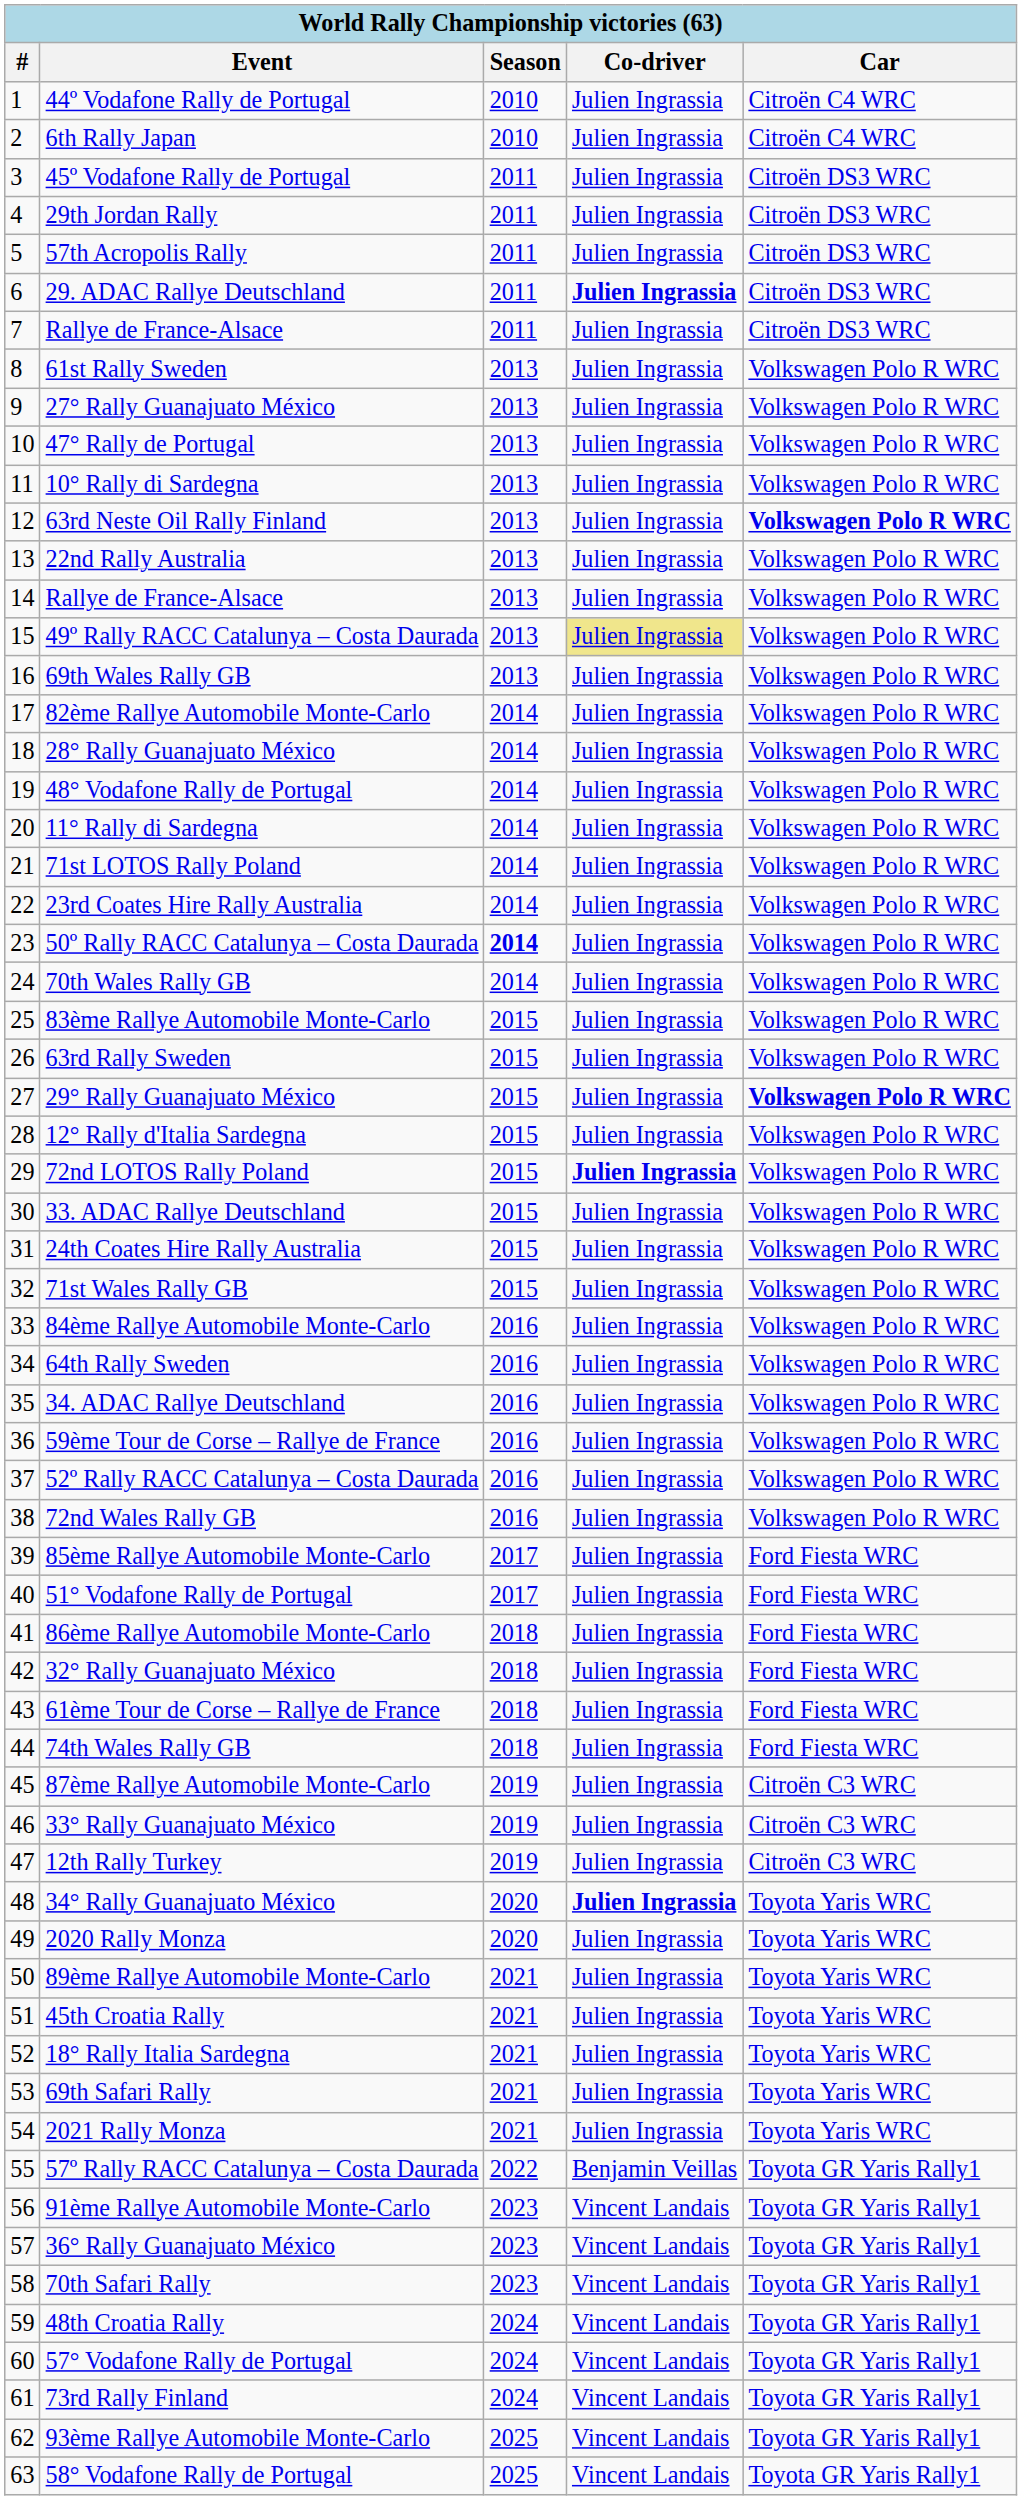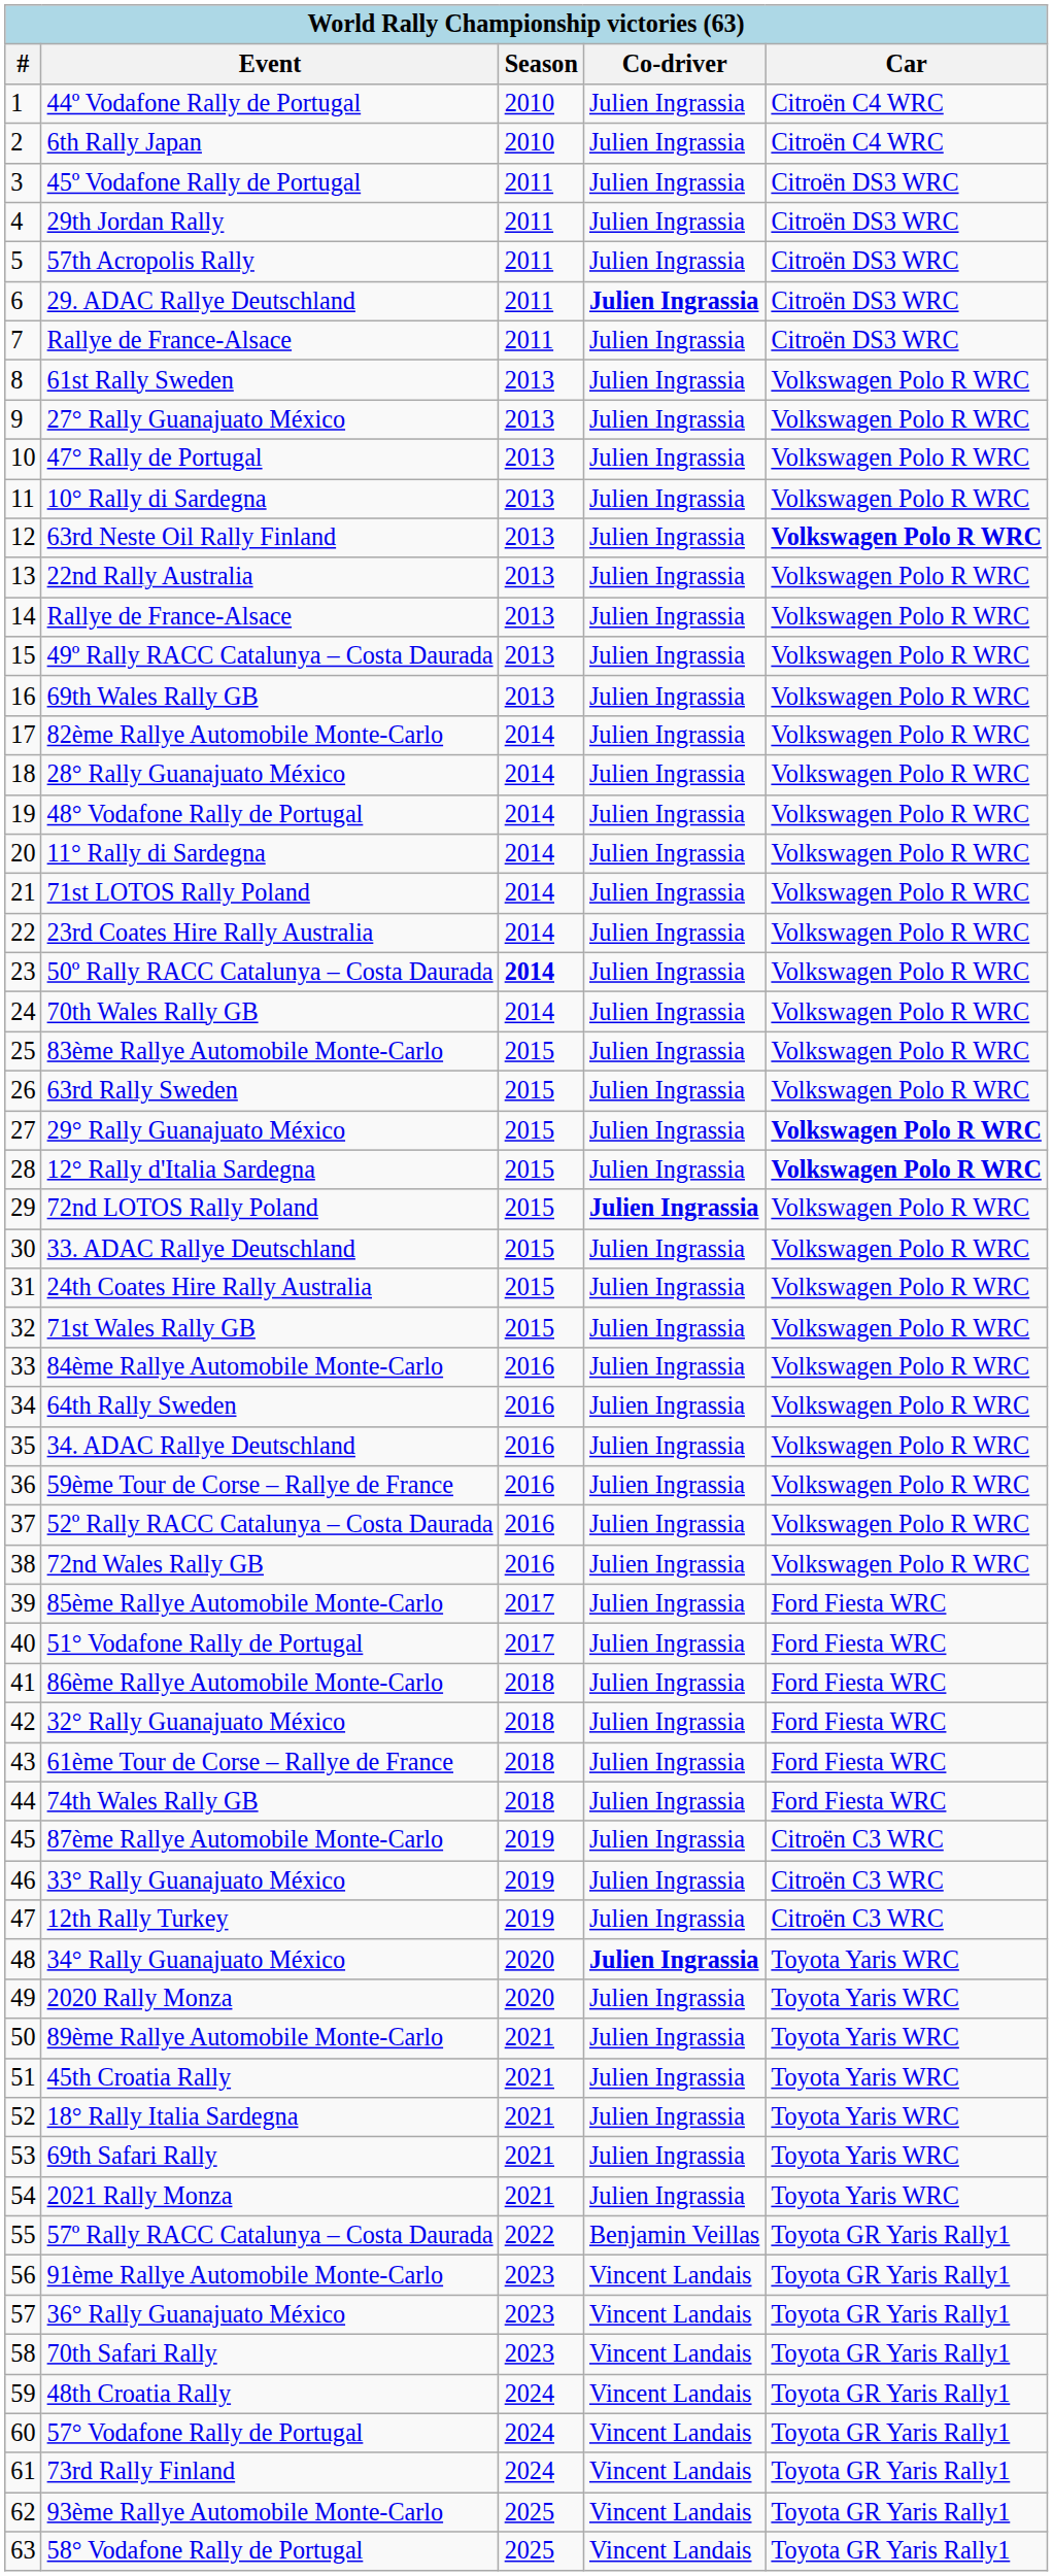 <table class="wikitable collapsible collapsed">
 <tr>
 <th Style = "background:lightblue" align="center" colspan="5">World Rally Championship victories (63)</th>
 </tr>
 <tr>
 <th> # </th>
 <th>Event</th>
 <th>Season</th>
 <th>Co-driver</th>
 <th>Car</th>
 </tr>
 <tr>
 <td>1</td>
 <td> <a href='#'>44º Vodafone Rally de Portugal</a></td>
 <td><a href='#'>2010</a></td>
 <td> <a href='#'>Julien Ingrassia</a></td>
 <td><a href='#'>Citroën C4 WRC</a></td>
 </tr>
 <tr>
 <td>2</td>
 <td> <a href='#'>6th Rally Japan</a></td>
 <td><a href='#'>2010</a></td>
 <td> <a href='#'>Julien Ingrassia</a></td>
 <td><a href='#'>Citroën C4 WRC</a></td>
 </tr>
 <tr>
 <td>3</td>
 <td> <a href='#'>45º Vodafone Rally de Portugal</a></td>
 <td><a href='#'>2011</a></td>
 <td> <a href='#'>Julien Ingrassia</a></td>
 <td><a href='#'>Citroën DS3 WRC</a></td>
 </tr>
 <tr>
 <td>4</td>
 <td> <a href='#'>29th Jordan Rally</a></td>
 <td><a href='#'>2011</a></td>
 <td> <a href='#'>Julien Ingrassia</a></td>
 <td><a href='#'>Citroën DS3 WRC</a></td>
 </tr>
 <tr>
 <td>5</td>
 <td> <a href='#'>57th Acropolis Rally</a></td>
 <td><a href='#'>2011</a></td>
 <td> <a href='#'>Julien Ingrassia</a></td>
 <td><a href='#'>Citroën DS3 WRC</a></td>
 </tr>
 <tr>
 <td>6</td>
 <td> <a href='#'>29. ADAC Rallye Deutschland</a></td>
 <td><a href='#'>2011</a></td>
 <td><strong> <a href='#'>Julien Ingrassia</a></strong></td>
 <td><a href='#'>Citroën DS3 WRC</a></td>
 </tr>
 <tr>
 <td>7</td>
 <td> <a href='#'>Rallye de France-Alsace</a></td>
 <td><a href='#'>2011</a></td>
 <td> <a href='#'>Julien Ingrassia</a></td>
 <td><a href='#'>Citroën DS3 WRC</a></td>
 </tr>
 <tr>
 <td>8</td>
 <td> <a href='#'>61st Rally Sweden</a></td>
 <td><a href='#'>2013</a></td>
 <td> <a href='#'>Julien Ingrassia</a></td>
 <td><a href='#'>Volkswagen Polo R WRC</a></td>
 </tr>
 <tr>
 <td>9</td>
 <td> <a href='#'>27° Rally Guanajuato México</a></td>
 <td><a href='#'>2013</a></td>
 <td> <a href='#'>Julien Ingrassia</a></td>
 <td><a href='#'>Volkswagen Polo R WRC</a></td>
 </tr>
 <tr>
 <td>10</td>
 <td> <a href='#'>47° Rally de Portugal</a></td>
 <td><a href='#'>2013</a></td>
 <td> <a href='#'>Julien Ingrassia</a></td>
 <td><a href='#'>Volkswagen Polo R WRC</a></td>
 </tr>
 <tr>
 <td>11</td>
 <td> <a href='#'>10° Rally di Sardegna</a></td>
 <td><a href='#'>2013</a></td>
 <td> <a href='#'>Julien Ingrassia</a></td>
 <td><a href='#'>Volkswagen Polo R WRC</a></td>
 </tr>
 <tr>
 <td>12</td>
 <td> <a href='#'>63rd Neste Oil Rally Finland</a></td>
 <td><a href='#'>2013</a></td>
 <td> <a href='#'>Julien Ingrassia</a></td>
 <td><strong><a href='#'>Volkswagen Polo R WRC</a></strong></td>
 </tr>
 <tr>
 <td>13</td>
 <td> <a href='#'>22nd Rally Australia</a></td>
 <td><a href='#'>2013</a></td>
 <td> <a href='#'>Julien Ingrassia</a></td>
 <td><a href='#'>Volkswagen Polo R WRC</a></td>
 </tr>
 <tr>
 <td>14</td>
 <td> <a href='#'>Rallye de France-Alsace</a></td>
 <td><a href='#'>2013</a></td>
 <td> <a href='#'>Julien Ingrassia</a></td>
 <td><a href='#'>Volkswagen Polo R WRC</a></td>
 </tr>
 <tr>
 <td>15</td>
 <td> <a href='#'>49º Rally RACC Catalunya – Costa Daurada</a></td>
 <td><a href='#'>2013</a></td>
-<td style="background: khaki;"> <a href='#'>Julien Ingrassia</a></td>
+<td> <a href='#'>Julien Ingrassia</a></td>
 <td><a href='#'>Volkswagen Polo R WRC</a></td>
 </tr>
 <tr>
 <td>16</td>
 <td> <a href='#'>69th Wales Rally GB</a></td>
 <td><a href='#'>2013</a></td>
 <td> <a href='#'>Julien Ingrassia</a></td>
 <td><a href='#'>Volkswagen Polo R WRC</a></td>
 </tr>
 <tr>
 <td>17</td>
 <td> <a href='#'>82ème Rallye Automobile Monte-Carlo</a></td>
 <td><a href='#'>2014</a></td>
 <td> <a href='#'>Julien Ingrassia</a></td>
 <td><a href='#'>Volkswagen Polo R WRC</a></td>
 </tr>
 <tr>
 <td>18</td>
 <td> <a href='#'>28° Rally Guanajuato México</a></td>
 <td><a href='#'>2014</a></td>
 <td> <a href='#'>Julien Ingrassia</a></td>
 <td><a href='#'>Volkswagen Polo R WRC</a></td>
 </tr>
 <tr>
 <td>19</td>
 <td> <a href='#'>48° Vodafone Rally de Portugal</a></td>
 <td><a href='#'>2014</a></td>
 <td> <a href='#'>Julien Ingrassia</a></td>
 <td><a href='#'>Volkswagen Polo R WRC</a></td>
 </tr>
 <tr>
 <td>20</td>
 <td> <a href='#'>11° Rally di Sardegna</a></td>
 <td><a href='#'>2014</a></td>
 <td> <a href='#'>Julien Ingrassia</a></td>
 <td><a href='#'>Volkswagen Polo R WRC</a></td>
 </tr>
 <tr>
 <td>21</td>
 <td> <a href='#'>71st LOTOS Rally Poland</a></td>
 <td><a href='#'>2014</a></td>
 <td> <a href='#'>Julien Ingrassia</a></td>
 <td><a href='#'>Volkswagen Polo R WRC</a></td>
 </tr>
 <tr>
 <td>22</td>
 <td> <a href='#'>23rd Coates Hire Rally Australia</a></td>
 <td><a href='#'>2014</a></td>
 <td> <a href='#'>Julien Ingrassia</a></td>
 <td><a href='#'>Volkswagen Polo R WRC</a></td>
 </tr>
 <tr>
 <td>23</td>
 <td> <a href='#'>50º Rally RACC Catalunya – Costa Daurada</a></td>
 <td><strong><a href='#'>2014</a></strong></td>
 <td> <a href='#'>Julien Ingrassia</a></td>
 <td><a href='#'>Volkswagen Polo R WRC</a></td>
 </tr>
 <tr>
 <td>24</td>
 <td> <a href='#'>70th Wales Rally GB</a></td>
 <td><a href='#'>2014</a></td>
 <td> <a href='#'>Julien Ingrassia</a></td>
 <td><a href='#'>Volkswagen Polo R WRC</a></td>
 </tr>
 <tr>
 <td>25</td>
 <td> <a href='#'>83ème Rallye Automobile Monte-Carlo</a></td>
 <td><a href='#'>2015</a></td>
 <td> <a href='#'>Julien Ingrassia</a></td>
 <td><a href='#'>Volkswagen Polo R WRC</a></td>
 </tr>
 <tr>
 <td>26</td>
 <td> <a href='#'>63rd Rally Sweden</a></td>
 <td><a href='#'>2015</a></td>
 <td> <a href='#'>Julien Ingrassia</a></td>
 <td><a href='#'>Volkswagen Polo R WRC</a></td>
 </tr>
 <tr>
 <td>27</td>
 <td> <a href='#'>29° Rally Guanajuato México</a></td>
 <td><a href='#'>2015</a></td>
 <td> <a href='#'>Julien Ingrassia</a></td>
 <td><strong><a href='#'>Volkswagen Polo R WRC</a></strong></td>
 </tr>
 <tr>
 <td>28</td>
 <td> <a href='#'>12° Rally d'Italia Sardegna</a></td>
 <td><a href='#'>2015</a></td>
 <td> <a href='#'>Julien Ingrassia</a></td>
-<td><a href='#'>Volkswagen Polo R WRC</a></td>
+<td><strong><a href='#'>Volkswagen Polo R WRC</a></strong></td>
 </tr>
 <tr>
 <td>29</td>
 <td> <a href='#'>72nd LOTOS Rally Poland</a></td>
 <td><a href='#'>2015</a></td>
 <td><strong> <a href='#'>Julien Ingrassia</a></strong></td>
 <td><a href='#'>Volkswagen Polo R WRC</a></td>
 </tr>
 <tr>
 <td>30</td>
 <td> <a href='#'>33. ADAC Rallye Deutschland</a></td>
 <td><a href='#'>2015</a></td>
 <td> <a href='#'>Julien Ingrassia</a></td>
 <td><a href='#'>Volkswagen Polo R WRC</a></td>
 </tr>
 <tr>
 <td>31</td>
 <td> <a href='#'>24th Coates Hire Rally Australia</a></td>
 <td><a href='#'>2015</a></td>
 <td> <a href='#'>Julien Ingrassia</a></td>
 <td><a href='#'>Volkswagen Polo R WRC</a></td>
 </tr>
 <tr>
 <td>32</td>
 <td> <a href='#'>71st Wales Rally GB</a></td>
 <td><a href='#'>2015</a></td>
 <td> <a href='#'>Julien Ingrassia</a></td>
 <td><a href='#'>Volkswagen Polo R WRC</a></td>
 </tr>
 <tr>
 <td>33</td>
 <td> <a href='#'>84ème Rallye Automobile Monte-Carlo</a></td>
 <td><a href='#'>2016</a></td>
 <td> <a href='#'>Julien Ingrassia</a></td>
 <td><a href='#'>Volkswagen Polo R WRC</a></td>
 </tr>
 <tr>
 <td>34</td>
 <td> <a href='#'>64th Rally Sweden</a></td>
 <td><a href='#'>2016</a></td>
 <td> <a href='#'>Julien Ingrassia</a></td>
 <td><a href='#'>Volkswagen Polo R WRC</a></td>
 </tr>
 <tr>
 <td>35</td>
 <td> <a href='#'>34. ADAC Rallye Deutschland</a></td>
 <td><a href='#'>2016</a></td>
 <td> <a href='#'>Julien Ingrassia</a></td>
 <td><a href='#'>Volkswagen Polo R WRC</a></td>
 </tr>
 <tr>
 <td>36</td>
 <td> <a href='#'>59ème Tour de Corse – Rallye de France</a></td>
 <td><a href='#'>2016</a></td>
 <td> <a href='#'>Julien Ingrassia</a></td>
 <td><a href='#'>Volkswagen Polo R WRC</a></td>
 </tr>
 <tr>
 <td>37</td>
 <td> <a href='#'>52º Rally RACC Catalunya – Costa Daurada</a></td>
 <td><a href='#'>2016</a></td>
 <td> <a href='#'>Julien Ingrassia</a></td>
 <td><a href='#'>Volkswagen Polo R WRC</a></td>
 </tr>
 <tr>
 <td>38</td>
 <td> <a href='#'>72nd Wales Rally GB</a></td>
 <td><a href='#'>2016</a></td>
 <td> <a href='#'>Julien Ingrassia</a></td>
 <td><a href='#'>Volkswagen Polo R WRC</a></td>
 </tr>
 <tr>
 <td>39</td>
 <td> <a href='#'>85ème Rallye Automobile Monte-Carlo</a></td>
 <td><a href='#'>2017</a></td>
 <td> <a href='#'>Julien Ingrassia</a></td>
 <td><a href='#'>Ford Fiesta WRC</a></td>
 </tr>
 <tr>
 <td>40</td>
 <td> <a href='#'>51° Vodafone Rally de Portugal</a></td>
 <td><a href='#'>2017</a></td>
 <td> <a href='#'>Julien Ingrassia</a></td>
 <td><a href='#'>Ford Fiesta WRC</a></td>
 </tr>
 <tr>
 <td>41</td>
 <td> <a href='#'>86ème Rallye Automobile Monte-Carlo</a></td>
 <td><a href='#'>2018</a></td>
 <td> <a href='#'>Julien Ingrassia</a></td>
 <td><a href='#'>Ford Fiesta WRC</a></td>
 </tr>
 <tr>
 <td>42</td>
 <td> <a href='#'>32° Rally Guanajuato México</a></td>
 <td><a href='#'>2018</a></td>
 <td> <a href='#'>Julien Ingrassia</a></td>
 <td><a href='#'>Ford Fiesta WRC</a></td>
 </tr>
 <tr>
 <td>43</td>
 <td> <a href='#'>61ème Tour de Corse – Rallye de France</a></td>
 <td><a href='#'>2018</a></td>
 <td> <a href='#'>Julien Ingrassia</a></td>
 <td><a href='#'>Ford Fiesta WRC</a></td>
 </tr>
 <tr>
 <td>44</td>
 <td> <a href='#'>74th Wales Rally GB</a></td>
 <td><a href='#'>2018</a></td>
 <td> <a href='#'>Julien Ingrassia</a></td>
 <td><a href='#'>Ford Fiesta WRC</a></td>
 </tr>
 <tr>
 <td>45</td>
 <td> <a href='#'>87ème Rallye Automobile Monte-Carlo</a></td>
 <td><a href='#'>2019</a></td>
 <td> <a href='#'>Julien Ingrassia</a></td>
 <td><a href='#'>Citroën C3 WRC</a></td>
 </tr>
 <tr>
 <td>46</td>
 <td> <a href='#'>33° Rally Guanajuato México</a></td>
 <td><a href='#'>2019</a></td>
 <td> <a href='#'>Julien Ingrassia</a></td>
 <td><a href='#'>Citroën C3 WRC</a></td>
 </tr>
 <tr>
 <td>47</td>
 <td> <a href='#'>12th Rally Turkey</a></td>
 <td><a href='#'>2019</a></td>
 <td> <a href='#'>Julien Ingrassia</a></td>
 <td><a href='#'>Citroën C3 WRC</a></td>
 </tr>
 <tr>
 <td>48</td>
 <td> <a href='#'>34° Rally Guanajuato México</a></td>
 <td><a href='#'>2020</a></td>
 <td><strong> <a href='#'>Julien Ingrassia</a></strong></td>
 <td><a href='#'>Toyota Yaris WRC</a></td>
 </tr>
 <tr>
 <td>49</td>
 <td> <a href='#'>2020 Rally Monza</a></td>
 <td><a href='#'>2020</a></td>
 <td> <a href='#'>Julien Ingrassia</a></td>
 <td><a href='#'>Toyota Yaris WRC</a></td>
 </tr>
 <tr>
 <td>50</td>
 <td> <a href='#'>89ème Rallye Automobile Monte-Carlo</a></td>
 <td><a href='#'>2021</a></td>
 <td> <a href='#'>Julien Ingrassia</a></td>
 <td><a href='#'>Toyota Yaris WRC</a></td>
 </tr>
 <tr>
 <td>51</td>
 <td> <a href='#'>45th Croatia Rally</a></td>
 <td><a href='#'>2021</a></td>
 <td> <a href='#'>Julien Ingrassia</a></td>
 <td><a href='#'>Toyota Yaris WRC</a></td>
 </tr>
 <tr>
 <td>52</td>
 <td> <a href='#'>18° Rally Italia Sardegna</a></td>
 <td><a href='#'>2021</a></td>
 <td> <a href='#'>Julien Ingrassia</a></td>
 <td><a href='#'>Toyota Yaris WRC</a></td>
 </tr>
 <tr>
 <td>53</td>
 <td> <a href='#'>69th Safari Rally</a></td>
 <td><a href='#'>2021</a></td>
 <td> <a href='#'>Julien Ingrassia</a></td>
 <td><a href='#'>Toyota Yaris WRC</a></td>
 </tr>
 <tr>
 <td>54</td>
 <td> <a href='#'>2021 Rally Monza</a></td>
 <td><a href='#'>2021</a></td>
 <td> <a href='#'>Julien Ingrassia</a></td>
 <td><a href='#'>Toyota Yaris WRC</a></td>
 </tr>
 <tr>
 <td>55</td>
 <td> <a href='#'>57º Rally RACC Catalunya – Costa Daurada</a></td>
 <td><a href='#'>2022</a></td>
 <td> <a href='#'>Benjamin Veillas</a></td>
 <td><a href='#'>Toyota GR Yaris Rally1</a></td>
 </tr>
 <tr>
 <td>56</td>
 <td> <a href='#'>91ème Rallye Automobile Monte-Carlo</a></td>
 <td><a href='#'>2023</a></td>
 <td> <a href='#'>Vincent Landais</a></td>
 <td><a href='#'>Toyota GR Yaris Rally1</a></td>
 </tr>
 <tr>
 <td>57</td>
 <td> <a href='#'>36° Rally Guanajuato México</a></td>
 <td><a href='#'>2023</a></td>
 <td> <a href='#'>Vincent Landais</a></td>
 <td><a href='#'>Toyota GR Yaris Rally1</a></td>
 </tr>
 <tr>
 <td>58</td>
 <td> <a href='#'>70th Safari Rally</a></td>
 <td><a href='#'>2023</a></td>
 <td> <a href='#'>Vincent Landais</a></td>
 <td><a href='#'>Toyota GR Yaris Rally1</a></td>
 </tr>
 <tr>
 <td>59</td>
 <td> <a href='#'>48th Croatia Rally</a></td>
 <td><a href='#'>2024</a></td>
 <td> <a href='#'>Vincent Landais</a></td>
 <td><a href='#'>Toyota GR Yaris Rally1</a></td>
 </tr>
 <tr>
 <td>60</td>
 <td> <a href='#'>57° Vodafone Rally de Portugal</a></td>
 <td><a href='#'>2024</a></td>
 <td> <a href='#'>Vincent Landais</a></td>
 <td><a href='#'>Toyota GR Yaris Rally1</a></td>
 </tr>
 <tr>
 <td>61</td>
 <td> <a href='#'>73rd Rally Finland</a></td>
 <td><a href='#'>2024</a></td>
 <td> <a href='#'>Vincent Landais</a></td>
 <td><a href='#'>Toyota GR Yaris Rally1</a></td>
 </tr>
 <tr>
 <td>62</td>
 <td> <a href='#'>93ème Rallye Automobile Monte-Carlo</a></td>
 <td><a href='#'>2025</a></td>
 <td> <a href='#'>Vincent Landais</a></td>
 <td><a href='#'>Toyota GR Yaris Rally1</a></td>
 </tr>
 <tr>
 <td>63</td>
 <td> <a href='#'>58° Vodafone Rally de Portugal</a></td>
 <td><a href='#'>2025</a></td>
 <td> <a href='#'>Vincent Landais</a></td>
 <td><a href='#'>Toyota GR Yaris Rally1</a></td>
 </tr>
 </table>
